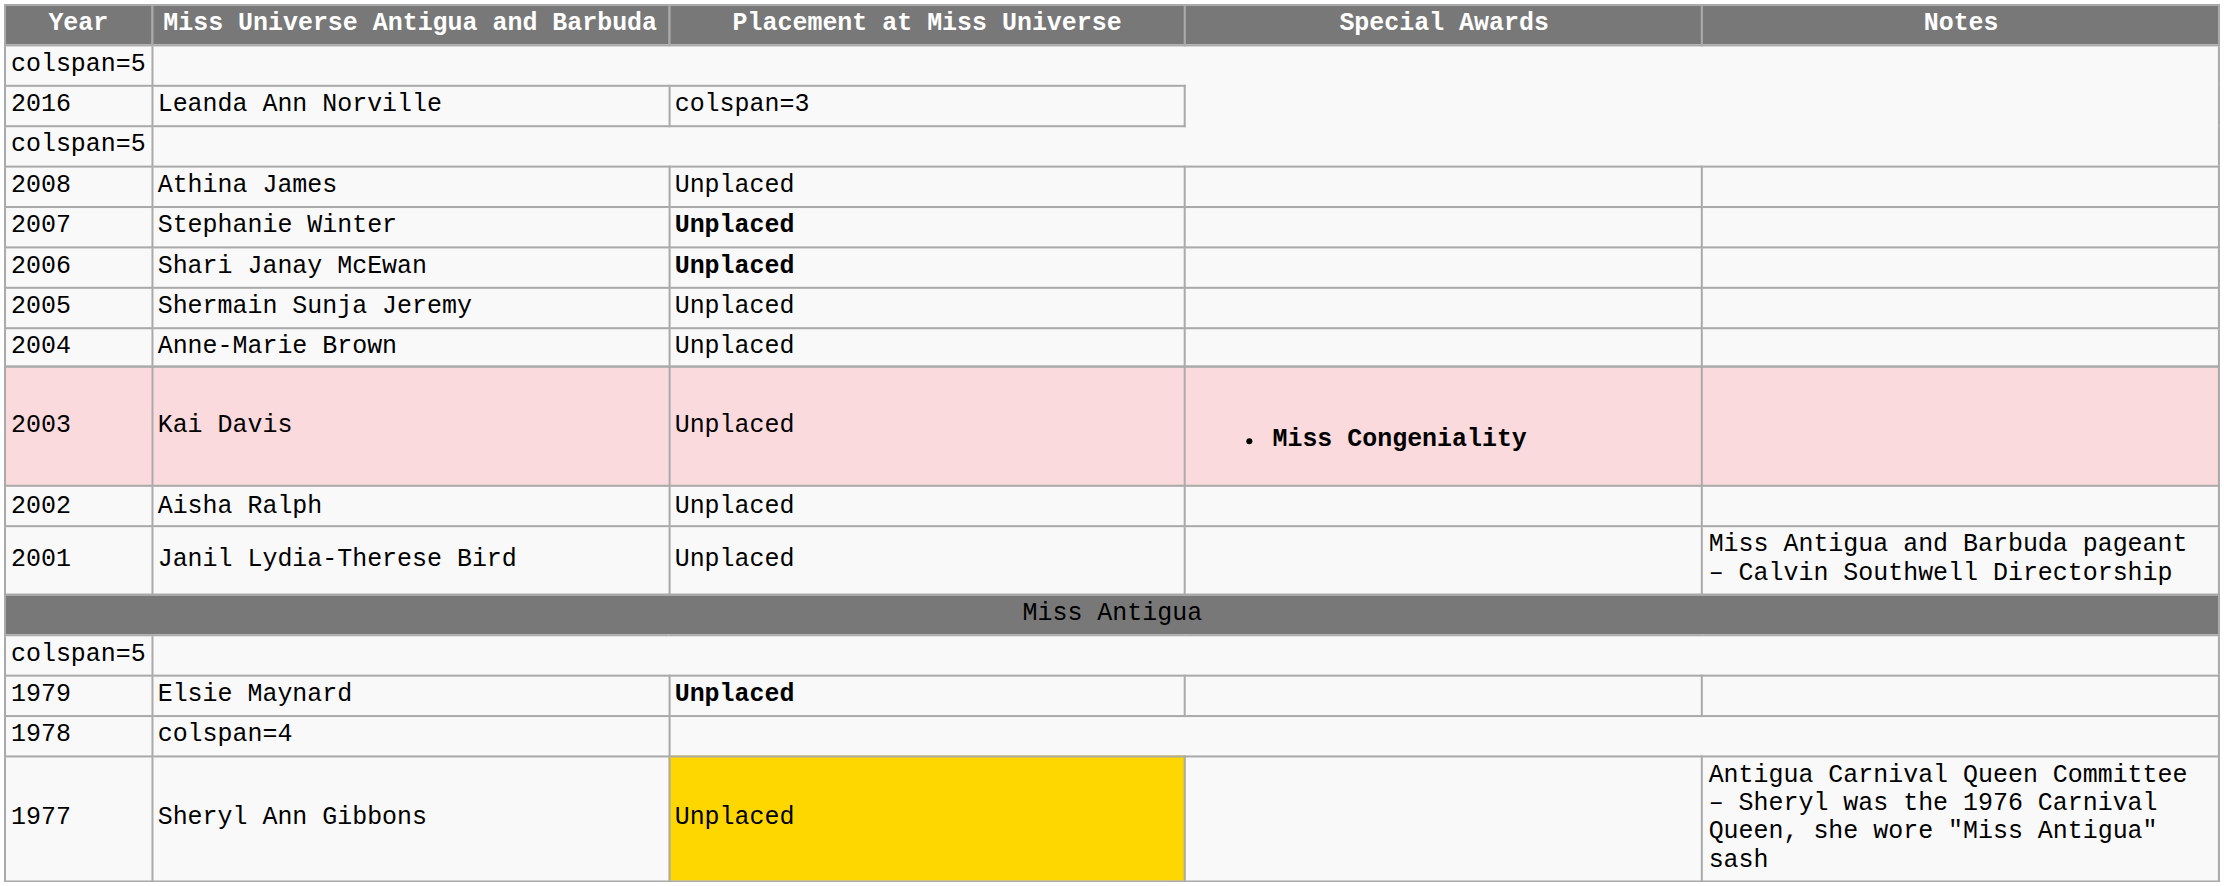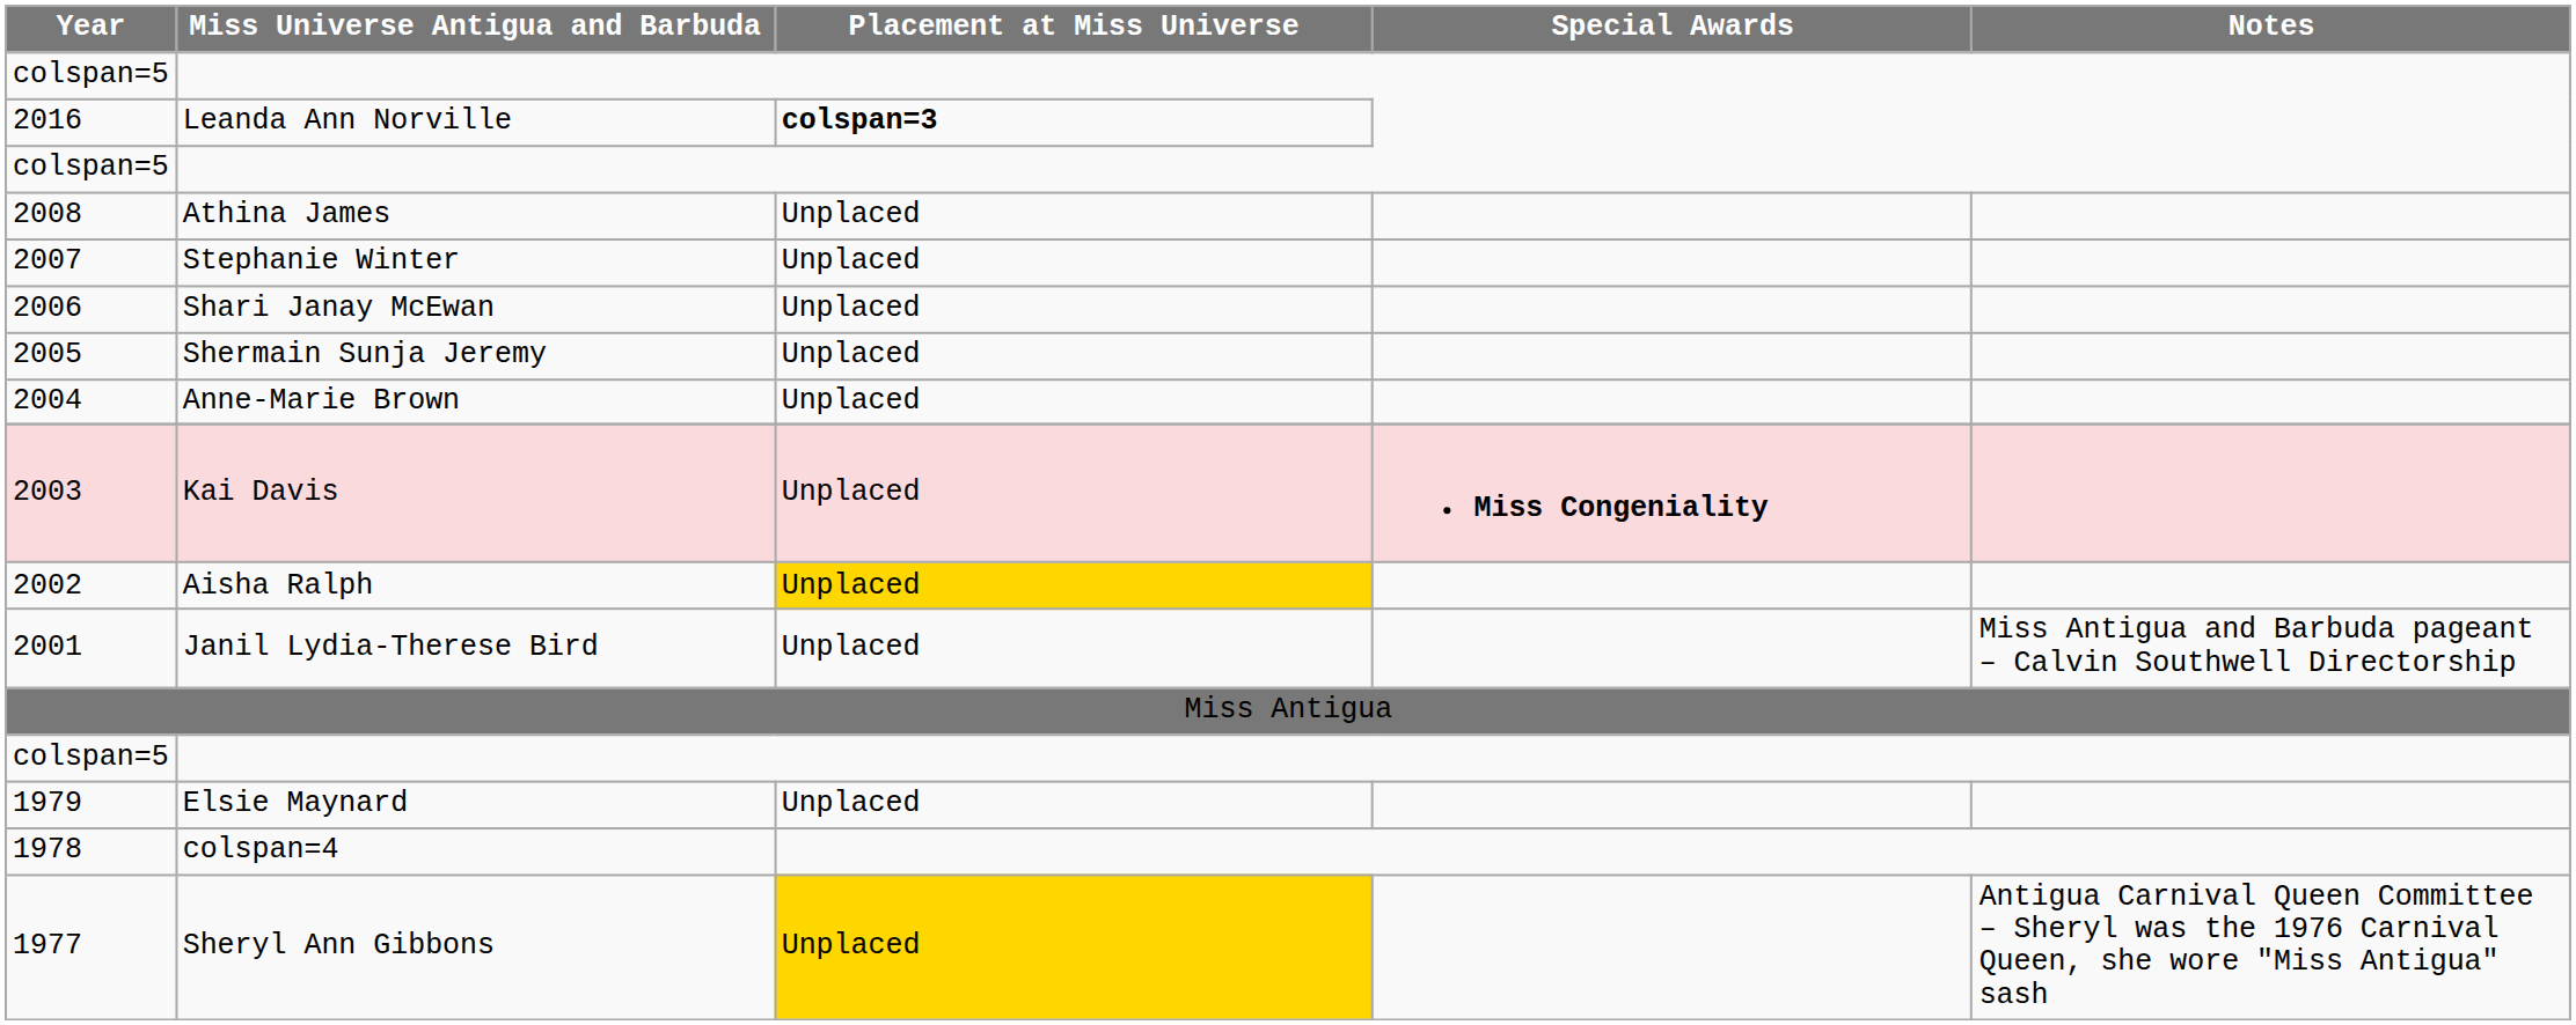 <table class="wikitable " style="font-size: 95%;">
 <tr>
 <th width="60" style="background-color:#787878;color:#FFFFFF;">Year</th>
 <th width="250" style="background-color:#787878;color:#FFFFFF;">Miss Universe Antigua and Barbuda</th>
 <th width="250" style="background-color:#787878;color:#FFFFFF;">Placement at Miss Universe</th>
 <th width="250" style="background-color:#787878;color:#FFFFFF;">Special Awards</th>
 <th width="250" style="background-color:#787878;color:#FFFFFF;">Notes</th>
 </tr>
 <tr>
 <td>colspan=5 </td>
 </tr>
 <tr>
 <td>2016</td>
 <td>Leanda Ann Norville</td>
-<td>colspan=3 </td>
+<td><strong>colspan=3 </strong></td>
 </tr>
 <tr>
 <td>colspan=5 </td>
 </tr>
 <tr>
 <td>2008</td>
 <td>Athina James</td>
 <td>Unplaced</td>
 <td></td>
 <td></td>
 </tr>
 <tr>
 <td>2007</td>
 <td>Stephanie Winter</td>
-<td><strong>Unplaced</strong></td>
+<td>Unplaced</td>
 <td></td>
 <td></td>
 </tr>
 <tr>
 <td>2006</td>
 <td>Shari Janay McEwan</td>
-<td><strong>Unplaced</strong></td>
+<td>Unplaced</td>
 <td></td>
 <td></td>
 </tr>
 <tr>
 <td>2005</td>
 <td>Shermain Sunja Jeremy</td>
 <td>Unplaced</td>
 <td></td>
 <td></td>
 </tr>
 <tr>
 <td>2004</td>
 <td>Anne-Marie Brown</td>
 <td>Unplaced</td>
 <td></td>
 <td></td>
 </tr>
 <tr>
 </tr>
 <tr style="background-color:#FADADD;">
 <td>2003</td>
 <td>Kai Davis</td>
 <td>Unplaced</td>
 <td align="left"><br><ul><li><strong>Miss Congeniality</strong></li></ul></td>
 <td></td>
 </tr>
 <tr>
 <td>2002</td>
 <td>Aisha Ralph</td>
-<td>Unplaced</td>
+<td style="background: gold;">Unplaced</td>
 <td></td>
 <td></td>
 </tr>
 <tr>
 <td>2001</td>
 <td>Janil Lydia-Therese Bird</td>
 <td>Unplaced</td>
 <td></td>
 <td>Miss Antigua and Barbuda pageant – Calvin Southwell Directorship</td>
 </tr>
 <tr>
 </tr>
 <tr bgcolor="#787878" align="center">
 <td colspan="5"><span>Miss Antigua</span></td>
 </tr>
 <tr>
 <td>colspan=5 </td>
 </tr>
 <tr>
 <td>1979</td>
 <td>Elsie Maynard</td>
-<td><strong>Unplaced</strong></td>
+<td>Unplaced</td>
 <td></td>
 <td></td>
 </tr>
 <tr>
 <td>1978</td>
 <td>colspan=4 </td>
 </tr>
 <tr>
 <td>1977</td>
 <td>Sheryl Ann Gibbons</td>
 <td style="background: gold;">Unplaced</td>
 <td></td>
 <td>Antigua Carnival Queen Committee – Sheryl was the 1976 Carnival Queen, she wore "Miss Antigua" sash</td>
 </tr>
 <tr>
 </tr>
 </table>
